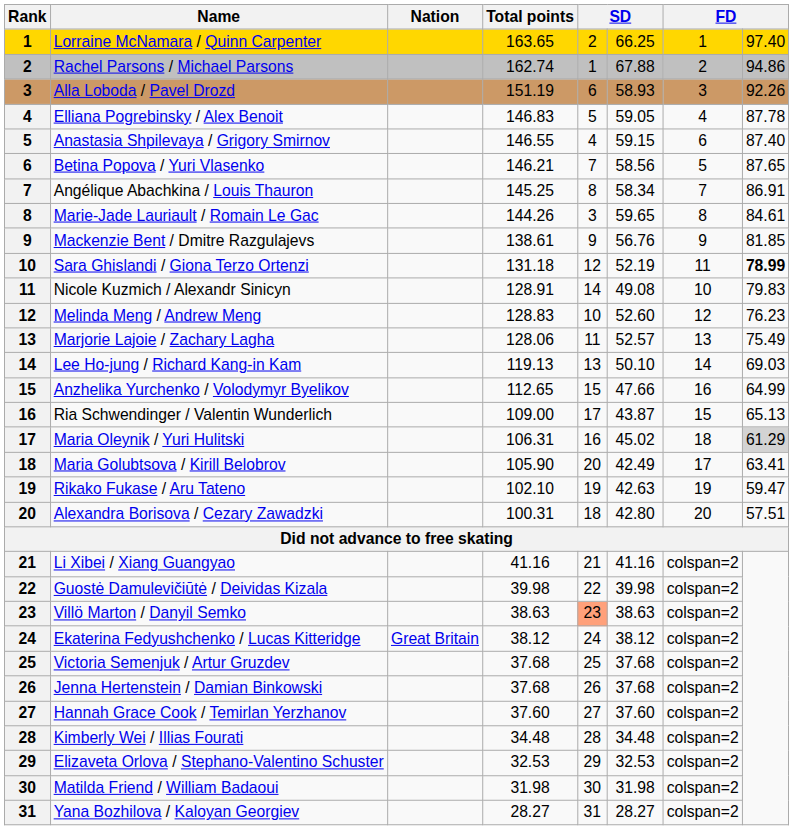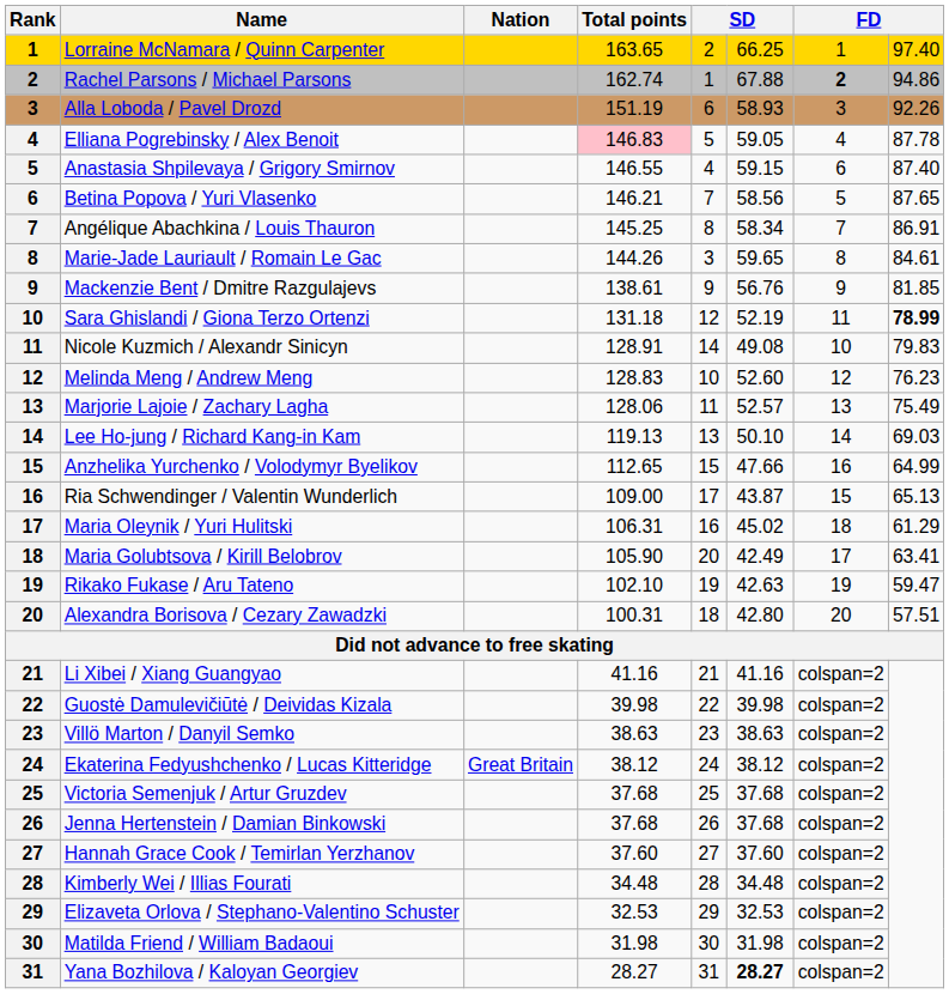 <table class="wikitable sortable">
 <tr>
 <th>Rank</th>
 <th>Name</th>
 <th>Nation</th>
 <th>Total points</th>
 <th colspan="2" width="80px"><a href='#'>SD</a></th>
 <th colspan="2" width="80px"><a href='#'>FD</a></th>
 </tr>
 <tr bgcolor="gold">
 <td align="center"><strong>1</strong></td>
 <td><a href='#'>Lorraine McNamara</a> / <a href='#'>Quinn Carpenter</a></td>
 <td></td>
 <td align="center">163.65</td>
 <td align="center">2</td>
 <td align="center">66.25</td>
 <td align="center">1</td>
 <td align="center">97.40</td>
 </tr>
 <tr bgcolor="silver">
 <td align="center"><strong>2</strong></td>
 <td><a href='#'>Rachel Parsons</a> / <a href='#'>Michael Parsons</a></td>
 <td></td>
 <td align="center">162.74</td>
 <td align="center">1</td>
 <td align="center">67.88</td>
-<td align="center">2</td>
+<td align="center"><strong>2</strong></td>
 <td align="center">94.86</td>
 </tr>
 <tr bgcolor="cc9966">
 <td align="center"><strong>3</strong></td>
 <td><a href='#'>Alla Loboda</a> / <a href='#'>Pavel Drozd</a></td>
 <td></td>
 <td align="center">151.19</td>
 <td align="center">6</td>
 <td align="center">58.93</td>
 <td align="center">3</td>
 <td align="center">92.26</td>
 </tr>
 <tr>
 <th>4</th>
 <td><a href='#'>Elliana Pogrebinsky</a> / <a href='#'>Alex Benoit</a></td>
 <td></td>
-<td align="center">146.83</td>
+<td align="center" style="background: pink;">146.83</td>
 <td align="center">5</td>
 <td align="center">59.05</td>
 <td align="center">4</td>
 <td align="center">87.78</td>
 </tr>
 <tr>
 <th>5</th>
 <td><a href='#'>Anastasia Shpilevaya</a> / <a href='#'>Grigory Smirnov</a></td>
 <td></td>
 <td align="center">146.55</td>
 <td align="center">4</td>
 <td align="center">59.15</td>
 <td align="center">6</td>
 <td align="center">87.40</td>
 </tr>
 <tr>
 <th>6</th>
 <td><a href='#'>Betina Popova</a> / <a href='#'>Yuri Vlasenko</a></td>
 <td></td>
 <td align="center">146.21</td>
 <td align="center">7</td>
 <td align="center">58.56</td>
 <td align="center">5</td>
 <td align="center">87.65</td>
 </tr>
 <tr>
 <th>7</th>
 <td>Angélique Abachkina / <a href='#'>Louis Thauron</a></td>
 <td></td>
 <td align="center">145.25</td>
 <td align="center">8</td>
 <td align="center">58.34</td>
 <td align="center">7</td>
 <td align="center">86.91</td>
 </tr>
 <tr>
 <th>8</th>
 <td><a href='#'>Marie-Jade Lauriault</a> / <a href='#'>Romain Le Gac</a></td>
 <td></td>
 <td align="center">144.26</td>
 <td align="center">3</td>
 <td align="center">59.65</td>
 <td align="center">8</td>
 <td align="center">84.61</td>
 </tr>
 <tr>
 <th>9</th>
 <td><a href='#'>Mackenzie Bent</a> / Dmitre Razgulajevs</td>
 <td></td>
 <td align="center">138.61</td>
 <td align="center">9</td>
 <td align="center">56.76</td>
 <td align="center">9</td>
 <td align="center">81.85</td>
 </tr>
 <tr>
 <th>10</th>
 <td><a href='#'>Sara Ghislandi</a> / <a href='#'>Giona Terzo Ortenzi</a></td>
 <td></td>
 <td align="center">131.18</td>
 <td align="center">12</td>
 <td align="center">52.19</td>
 <td align="center">11</td>
 <td align="center"><strong>78.99</strong></td>
 </tr>
 <tr>
 <th>11</th>
 <td>Nicole Kuzmich / Alexandr Sinicyn</td>
 <td></td>
 <td align="center">128.91</td>
 <td align="center">14</td>
 <td align="center">49.08</td>
 <td align="center">10</td>
 <td align="center">79.83</td>
 </tr>
 <tr>
 <th>12</th>
 <td><a href='#'>Melinda Meng</a> / <a href='#'>Andrew Meng</a></td>
 <td></td>
 <td align="center">128.83</td>
 <td align="center">10</td>
 <td align="center">52.60</td>
 <td align="center">12</td>
 <td align="center">76.23</td>
 </tr>
 <tr>
 <th>13</th>
 <td><a href='#'>Marjorie Lajoie</a> / <a href='#'>Zachary Lagha</a></td>
 <td></td>
 <td align="center">128.06</td>
 <td align="center">11</td>
 <td align="center">52.57</td>
 <td align="center">13</td>
 <td align="center">75.49</td>
 </tr>
 <tr>
 <th>14</th>
 <td><a href='#'>Lee Ho-jung</a> / <a href='#'>Richard Kang-in Kam</a></td>
 <td></td>
 <td align="center">119.13</td>
 <td align="center">13</td>
 <td align="center">50.10</td>
 <td align="center">14</td>
 <td align="center">69.03</td>
 </tr>
 <tr>
 <th>15</th>
 <td><a href='#'>Anzhelika Yurchenko</a> / <a href='#'>Volodymyr Byelikov</a></td>
 <td></td>
 <td align="center">112.65</td>
 <td align="center">15</td>
 <td align="center">47.66</td>
 <td align="center">16</td>
 <td align="center">64.99</td>
 </tr>
 <tr>
 <th>16</th>
 <td>Ria Schwendinger / Valentin Wunderlich</td>
 <td></td>
 <td align="center">109.00</td>
 <td align="center">17</td>
 <td align="center">43.87</td>
 <td align="center">15</td>
 <td align="center">65.13</td>
 </tr>
 <tr>
 <th>17</th>
 <td><a href='#'>Maria Oleynik</a> / <a href='#'>Yuri Hulitski</a></td>
 <td></td>
 <td align="center">106.31</td>
 <td align="center">16</td>
 <td align="center">45.02</td>
 <td align="center">18</td>
-<td align="center" style="background: lightgrey;">61.29</td>
+<td align="center">61.29</td>
 </tr>
 <tr>
 <th>18</th>
 <td><a href='#'>Maria Golubtsova</a> / <a href='#'>Kirill Belobrov</a></td>
 <td></td>
 <td align="center">105.90</td>
 <td align="center">20</td>
 <td align="center">42.49</td>
 <td align="center">17</td>
 <td align="center">63.41</td>
 </tr>
 <tr>
 <th>19</th>
 <td><a href='#'>Rikako Fukase</a> / <a href='#'>Aru Tateno</a></td>
 <td></td>
 <td align="center">102.10</td>
 <td align="center">19</td>
 <td align="center">42.63</td>
 <td align="center">19</td>
 <td align="center">59.47</td>
 </tr>
 <tr>
 <th>20</th>
 <td><a href='#'>Alexandra Borisova</a> / <a href='#'>Cezary Zawadzki</a></td>
 <td></td>
 <td align="center">100.31</td>
 <td align="center">18</td>
 <td align="center">42.80</td>
 <td align="center">20</td>
 <td align="center">57.51</td>
 </tr>
 <tr>
 <th colspan="8">Did not advance to free skating</th>
 </tr>
 <tr>
 <th>21</th>
 <td><a href='#'>Li Xibei</a> / <a href='#'>Xiang Guangyao</a></td>
 <td></td>
 <td align="center">41.16</td>
 <td align="center">21</td>
 <td align="center">41.16</td>
 <td>colspan=2 </td>
 </tr>
 <tr>
 <th>22</th>
 <td><a href='#'>Guostė Damulevičiūtė</a> / <a href='#'>Deividas Kizala</a></td>
 <td></td>
 <td align="center">39.98</td>
 <td align="center">22</td>
 <td align="center">39.98</td>
 <td>colspan=2 </td>
 </tr>
 <tr>
 <th>23</th>
 <td><a href='#'>Villö Marton</a> / <a href='#'>Danyil Semko</a></td>
 <td></td>
 <td align="center">38.63</td>
-<td align="center" style="background: lightsalmon;">23</td>
+<td align="center">23</td>
 <td align="center">38.63</td>
 <td>colspan=2 </td>
 </tr>
 <tr>
 <th>24</th>
 <td><a href='#'>Ekaterina Fedyushchenko</a> / <a href='#'>Lucas Kitteridge</a></td>
 <td> <a href='#'>Great Britain</a></td>
 <td align="center">38.12</td>
 <td align="center">24</td>
 <td align="center">38.12</td>
 <td>colspan=2 </td>
 </tr>
 <tr>
 <th>25</th>
 <td><a href='#'>Victoria Semenjuk</a> / <a href='#'>Artur Gruzdev</a></td>
 <td></td>
 <td align="center">37.68</td>
 <td align="center">25</td>
 <td align="center">37.68</td>
 <td>colspan=2 </td>
 </tr>
 <tr>
 <th>26</th>
 <td><a href='#'>Jenna Hertenstein</a> / <a href='#'>Damian Binkowski</a></td>
 <td></td>
 <td align="center">37.68</td>
 <td align="center">26</td>
 <td align="center">37.68</td>
 <td>colspan=2 </td>
 </tr>
 <tr>
 <th>27</th>
 <td><a href='#'>Hannah Grace Cook</a> / <a href='#'>Temirlan Yerzhanov</a></td>
 <td></td>
 <td align="center">37.60</td>
 <td align="center">27</td>
 <td align="center">37.60</td>
 <td>colspan=2 </td>
 </tr>
 <tr>
 <th>28</th>
 <td><a href='#'>Kimberly Wei</a> / <a href='#'>Illias Fourati</a></td>
 <td></td>
 <td align="center">34.48</td>
 <td align="center">28</td>
 <td align="center">34.48</td>
 <td>colspan=2 </td>
 </tr>
 <tr>
 <th>29</th>
 <td><a href='#'>Elizaveta Orlova</a> / <a href='#'>Stephano-Valentino Schuster</a></td>
 <td></td>
 <td align="center">32.53</td>
 <td align="center">29</td>
 <td align="center">32.53</td>
 <td>colspan=2 </td>
 </tr>
 <tr>
 <th>30</th>
 <td><a href='#'>Matilda Friend</a> / <a href='#'>William Badaoui</a></td>
 <td></td>
 <td align="center">31.98</td>
 <td align="center">30</td>
 <td align="center">31.98</td>
 <td>colspan=2 </td>
 </tr>
 <tr>
 <th>31</th>
 <td><a href='#'>Yana Bozhilova</a> / <a href='#'>Kaloyan Georgiev</a></td>
 <td></td>
 <td align="center">28.27</td>
 <td align="center">31</td>
-<td align="center">28.27</td>
+<td align="center"><strong>28.27</strong></td>
 <td>colspan=2 </td>
 </tr>
 </table>
